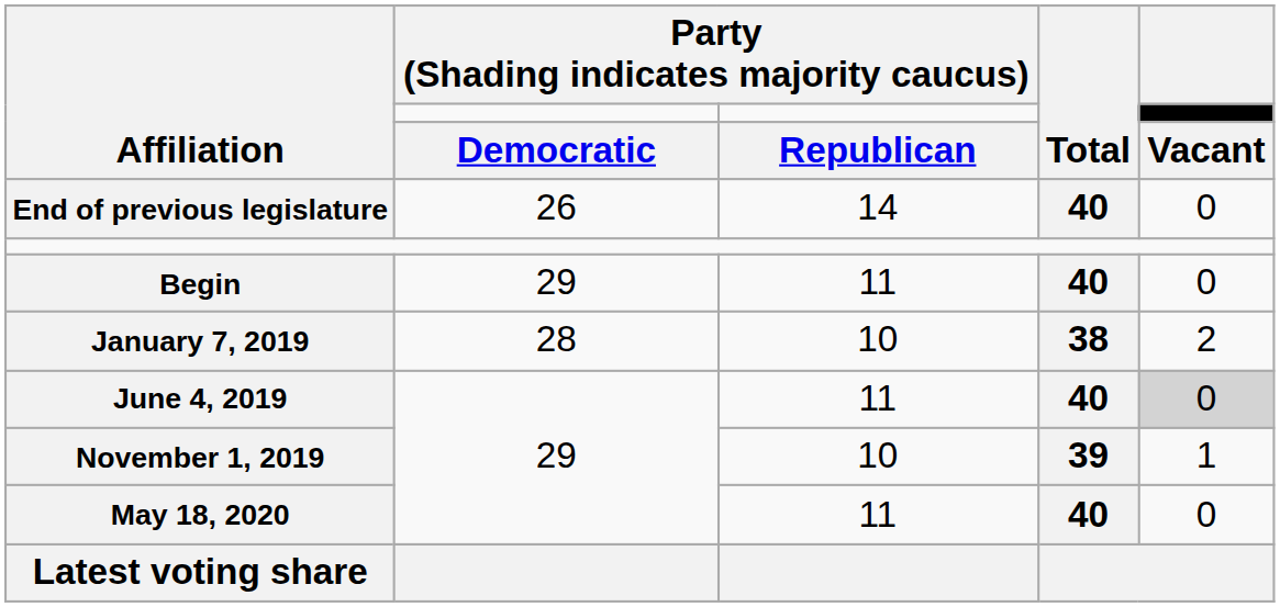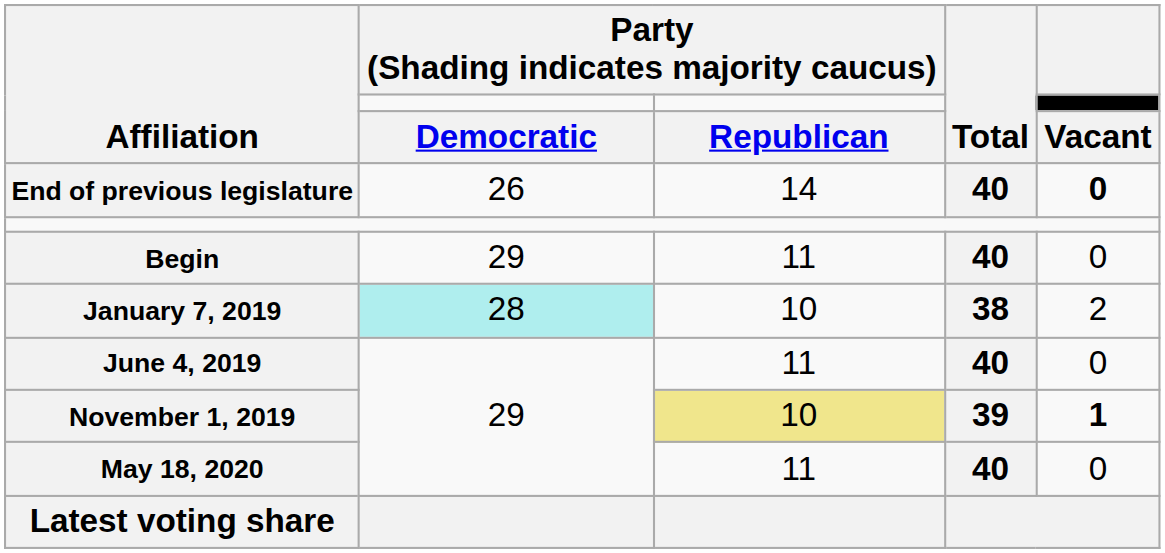 <table class="wikitable" style="text-align:center">
 <tr valign="bottom">
 <th scope="col" rowspan="3">Affiliation</th>
 <th scope="col" colspan="2">Party <div>(Shading indicates majority caucus)</div></th>
 <th scope="col" rowspan="3">Total</th>
 <th scope="col" colspan="2"></th>
 </tr>
 <tr style="height:5px">
 <td style="background-color:"></td>
 <td style="background-color:"></td>
 <td colspan="2" style="background:black"></td>
 </tr>
 <tr>
 <th><a href='#'>Democratic</a></th>
 <th><a href='#'>Republican</a></th>
 <th>Vacant</th>
 </tr>
 <tr>
 <th scope="row" style="white-space:nowrap; font-size:80%">End of previous legislature</th>
 <td>26</td>
 <td>14</td>
 <th>40</th>
-<td>0</td>
+<td><strong>0</strong></td>
 </tr>
 <tr>
 <td scope="row" colspan="6"></td>
 </tr>
 <tr>
 <th scope="row" style="white-space:nowrap; font-size:80%">Begin</th>
 <td>29</td>
 <td>11</td>
 <th>40</th>
 <td>0</td>
 </tr>
 <tr>
 <th scope="row" style="white-space:nowrap; font-size:80%">January 7, 2019</th>
-<td>28</td>
+<td style="background: paleturquoise;">28</td>
 <td>10</td>
 <th>38</th>
 <td>2</td>
 </tr>
 <tr>
 <th scope="row" style="white-space:nowrap; font-size:80%">June 4, 2019</th>
 <td rowspan="3" >29</td>
 <td>11</td>
 <th>40</th>
-<td style="background: lightgrey;">0</td>
+<td>0</td>
 </tr>
 <tr>
 <th scope="row" style="white-space:nowrap; font-size:80%">November 1, 2019</th>
-<td>10</td>
+<td style="background: khaki;">10</td>
 <th>39</th>
-<td>1</td>
+<td><strong>1</strong></td>
 </tr>
 <tr>
 <th scope="row" style="white-space:nowrap; font-size:80%">May 18, 2020</th>
 <td>11</td>
 <th>40</th>
 <td>0</td>
 </tr>
 <tr>
 <th scope="row">Latest voting share</th>
 <th></th>
 <th></th>
 <th colspan="2"></th>
 </tr>
 </table>
